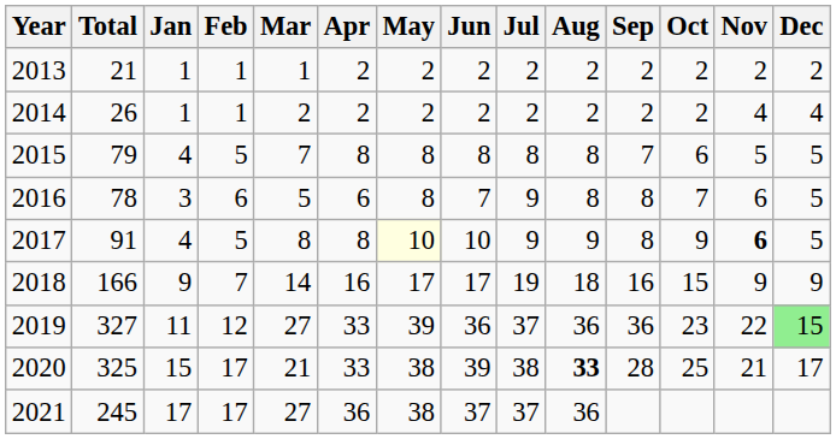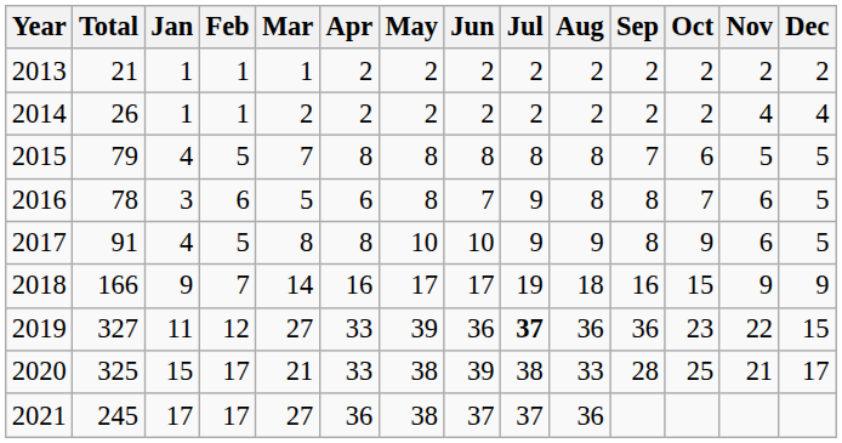 <table class="wikitable" style="text-align:right;">
 <tr>
 <th>Year</th>
 <th>Total</th>
 <th>Jan</th>
 <th>Feb</th>
 <th>Mar</th>
 <th>Apr</th>
 <th>May</th>
 <th>Jun</th>
 <th>Jul</th>
 <th>Aug</th>
 <th>Sep</th>
 <th>Oct</th>
 <th>Nov</th>
 <th>Dec</th>
 </tr>
 <tr align=right>
 <td>2013</td>
 <td>21</td>
 <td>1</td>
 <td>1</td>
 <td>1</td>
 <td>2</td>
 <td>2</td>
 <td>2</td>
 <td>2</td>
 <td>2</td>
 <td>2</td>
 <td>2</td>
 <td>2</td>
 <td>2</td>
 </tr>
 <tr align=right>
 <td>2014</td>
 <td>26</td>
 <td>1</td>
 <td>1</td>
 <td>2</td>
 <td>2</td>
 <td>2</td>
 <td>2</td>
 <td>2</td>
 <td>2</td>
 <td>2</td>
 <td>2</td>
 <td>4</td>
 <td>4</td>
 </tr>
 <tr align=right>
 <td>2015</td>
 <td>79</td>
 <td>4</td>
 <td>5</td>
 <td>7</td>
 <td>8</td>
 <td>8</td>
 <td>8</td>
 <td>8</td>
 <td>8</td>
 <td>7</td>
 <td>6</td>
 <td>5</td>
 <td>5</td>
 </tr>
 <tr align=right>
 <td>2016</td>
 <td>78</td>
 <td>3</td>
 <td>6</td>
 <td>5</td>
 <td>6</td>
 <td>8</td>
 <td>7</td>
 <td>9</td>
 <td>8</td>
 <td>8</td>
 <td>7</td>
 <td>6</td>
 <td>5</td>
 </tr>
 <tr align=right>
 <td>2017</td>
 <td>91</td>
 <td>4</td>
 <td>5</td>
 <td>8</td>
 <td>8</td>
-<td style="background: lightyellow;">10</td>
+<td>10</td>
 <td>10</td>
 <td>9</td>
 <td>9</td>
 <td>8</td>
 <td>9</td>
-<td><strong>6</strong></td>
+<td>6</td>
 <td>5</td>
 </tr>
 <tr align=right>
 <td>2018</td>
 <td>166</td>
 <td>9</td>
 <td>7</td>
 <td>14</td>
 <td>16</td>
 <td>17</td>
 <td>17</td>
 <td>19</td>
 <td>18</td>
 <td>16</td>
 <td>15</td>
 <td>9</td>
 <td>9</td>
 </tr>
 <tr align=right>
 <td>2019</td>
 <td>327</td>
 <td>11</td>
 <td>12</td>
 <td>27</td>
 <td>33</td>
 <td>39</td>
 <td>36</td>
-<td>37</td>
+<td><strong>37</strong></td>
 <td>36</td>
 <td>36</td>
 <td>23</td>
 <td>22</td>
-<td style="background: lightgreen;">15</td>
+<td>15</td>
 </tr>
 <tr align=right>
 <td>2020</td>
 <td>325</td>
 <td>15</td>
 <td>17</td>
 <td>21</td>
 <td>33</td>
 <td>38</td>
 <td>39</td>
 <td>38</td>
-<td><strong>33</strong></td>
+<td>33</td>
 <td>28</td>
 <td>25</td>
 <td>21</td>
 <td>17</td>
 </tr>
 <tr align=right>
 <td>2021</td>
 <td>245</td>
 <td>17</td>
 <td>17</td>
 <td>27</td>
 <td>36</td>
 <td>38</td>
 <td>37</td>
 <td>37</td>
 <td>36</td>
 <td></td>
 <td></td>
 <td></td>
 </tr>
 </table>
